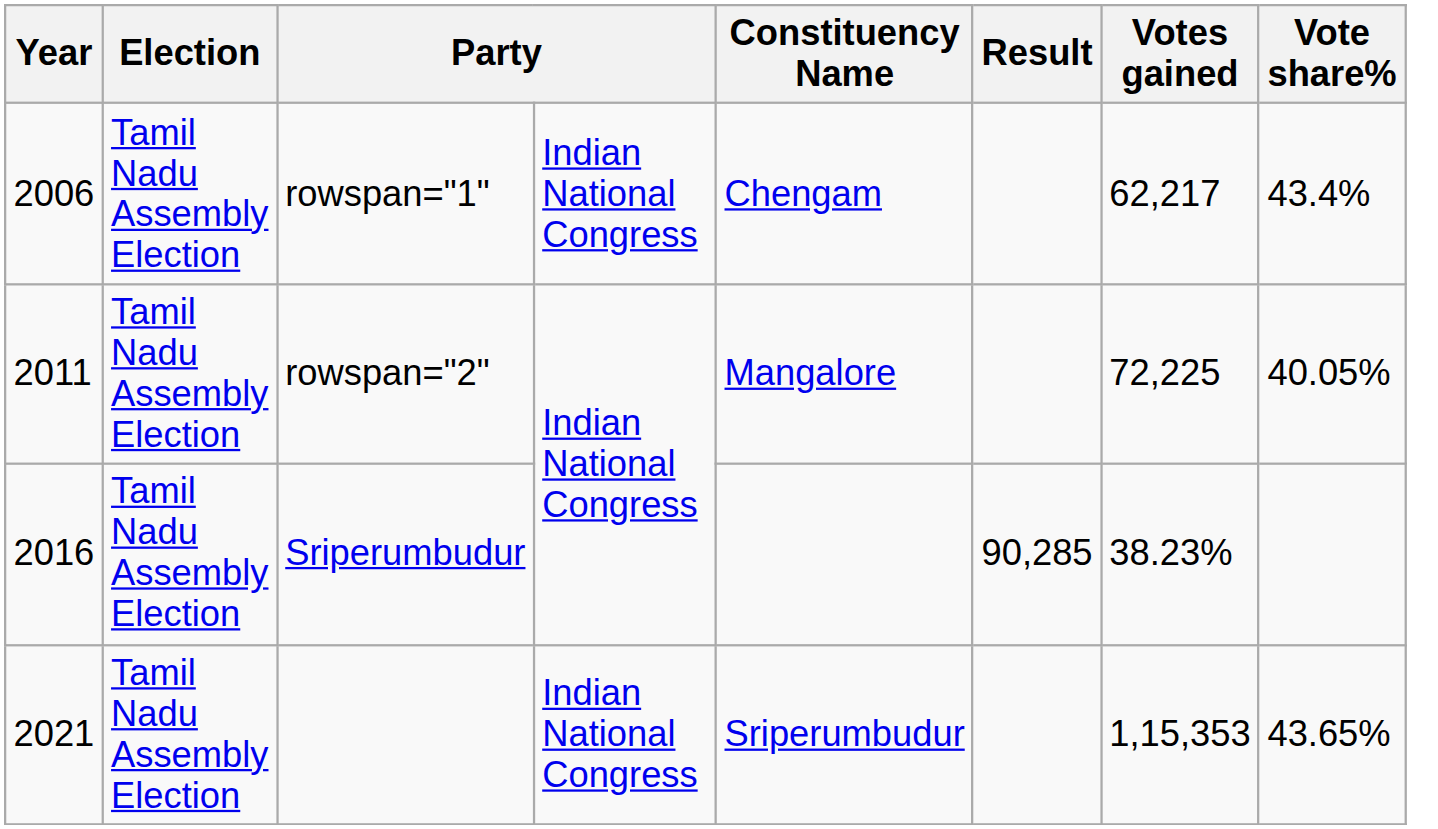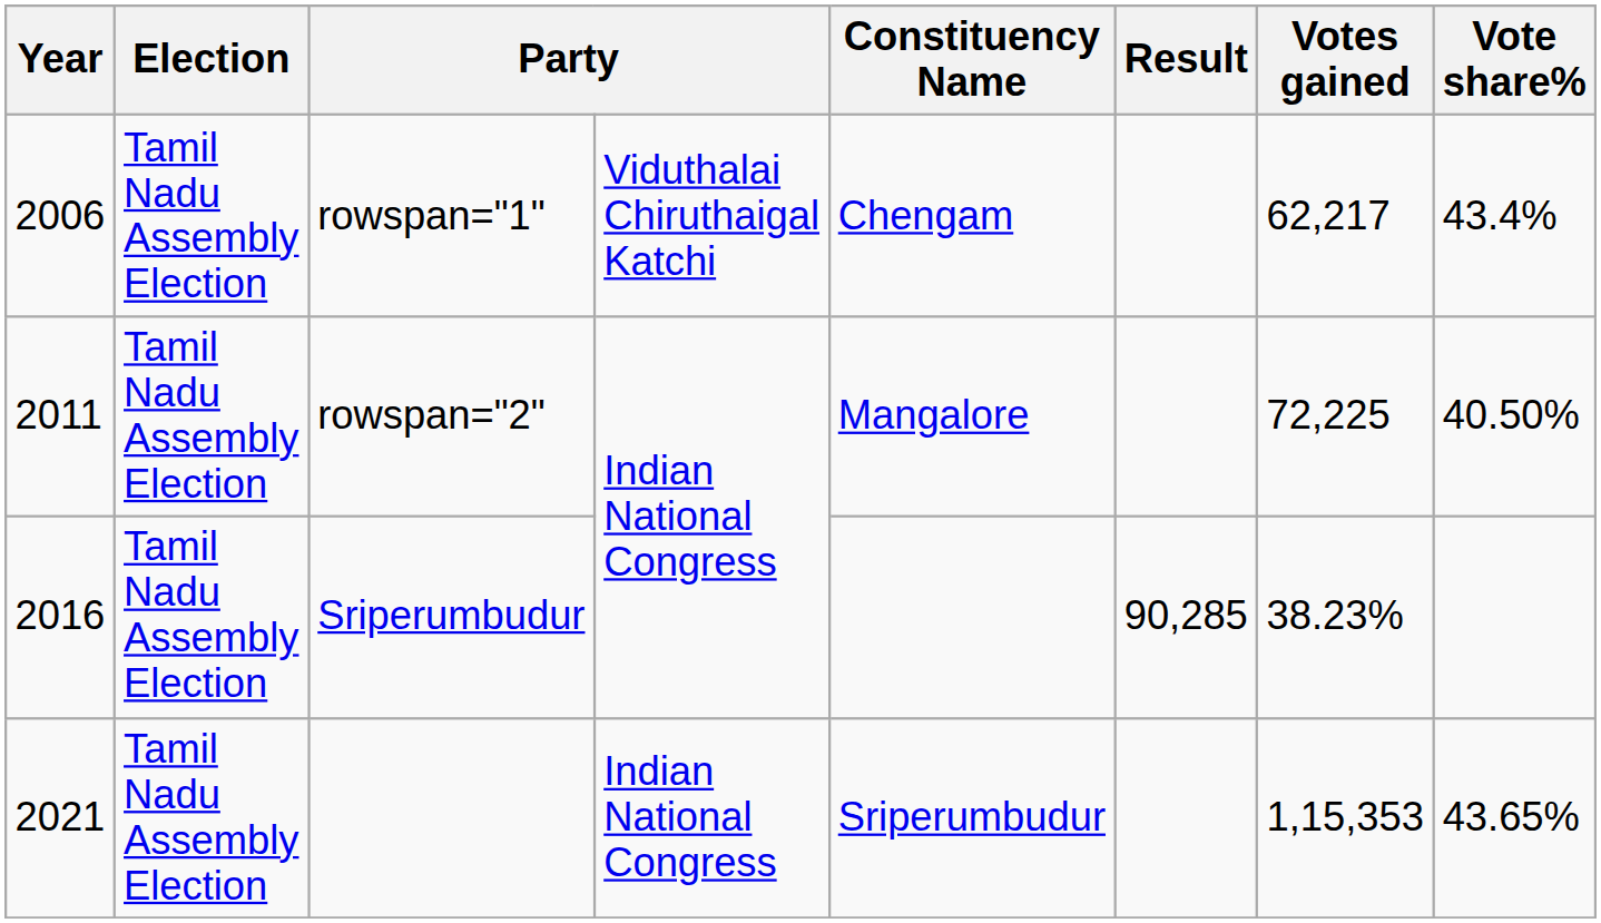 <table class="wikitable">
 <tr>
 <th>Year</th>
 <th>Election</th>
 <th colspan="2">Party</th>
 <th>Constituency Name</th>
 <th>Result</th>
 <th>Votes gained</th>
 <th>Vote share%</th>
 </tr>
 <tr>
 <td>2006</td>
 <td><a href='#'>Tamil Nadu Assembly Election</a></td>
 <td>rowspan="1" </td>
-<td><a href='#'>Indian National Congress</a></td>
+<td rowspan="1"><a href='#'>Viduthalai Chiruthaigal Katchi</a> </td>
 <td><a href='#'>Chengam</a></td>
 <td></td>
 <td>62,217</td>
 <td>43.4%</td>
 </tr>
 <tr>
 <td>2011</td>
 <td><a href='#'>Tamil Nadu Assembly Election</a></td>
 <td>rowspan="2" </td>
 <td rowspan="2"><a href='#'>Indian National Congress</a> </td>
 <td><a href='#'>Mangalore</a></td>
 <td></td>
 <td>72,225</td>
-<td>40.05%</td>
+<td>40.50%</td>
 </tr>
 <tr>
 <td>2016</td>
 <td><a href='#'>Tamil Nadu Assembly Election</a></td>
 <td><a href='#'>Sriperumbudur</a></td>
 <td></td>
 <td>90,285</td>
 <td>38.23%</td>
 </tr>
 <tr>
 <td>2021</td>
 <td><a href='#'>Tamil Nadu Assembly Election</a></td>
 <td></td>
 <td><a href='#'>Indian National Congress</a></td>
 <td><a href='#'>Sriperumbudur</a></td>
 <td></td>
 <td>1,15,353</td>
 <td>43.65%</td>
 </tr>
 <tr>
 </tr>
 </table>
